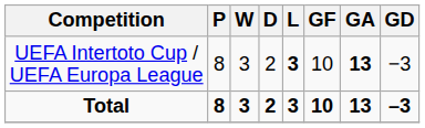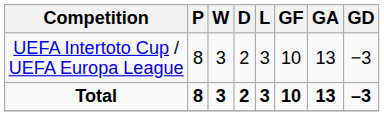 <table class="wikitable sortable" style="text-align:center">
 <tr>
 <th>Competition</th>
 <th>P</th>
 <th>W</th>
 <th>D</th>
 <th>L</th>
 <th>GF</th>
 <th>GA</th>
 <th>GD</th>
 </tr>
 <tr>
 <td><a href='#'>UEFA Intertoto Cup</a> / <br> <a href='#'>UEFA Europa League</a></td>
 <td>8</td>
 <td>3</td>
 <td>2</td>
-<td><strong>3</strong></td>
+<td>3</td>
 <td>10</td>
-<td><strong>13</strong></td>
+<td>13</td>
 <td>−3</td>
 </tr>
 <tr>
 <td><strong>Total</strong></td>
 <td><strong>8</strong></td>
 <td><strong>3</strong></td>
 <td><strong>2</strong></td>
 <td><strong>3</strong></td>
 <td><strong>10</strong></td>
 <td><strong>13</strong></td>
 <td><strong>–3</strong></td>
 </tr>
 <tr>
 </tr>
 </table>
